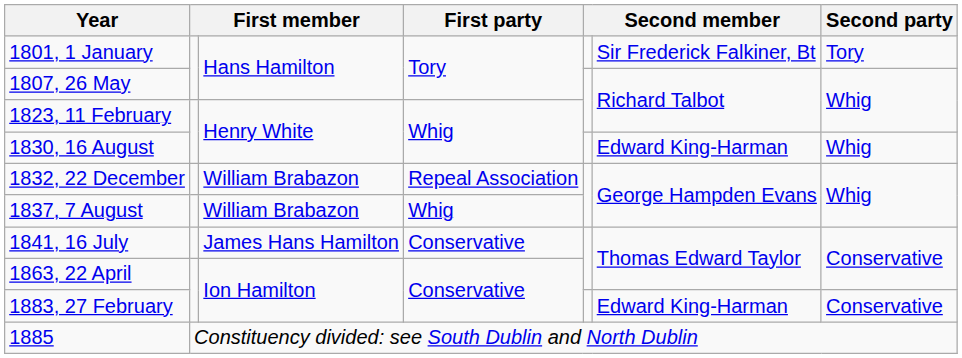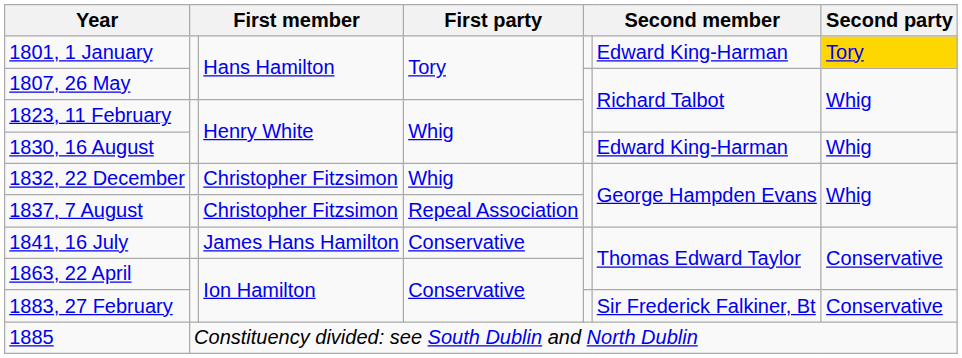 <table class="wikitable">
 <tr>
 <th>Year</th>
 <th colspan="2">First member</th>
 <th>First party</th>
 <th colspan="2">Second member</th>
 <th>Second party</th>
 </tr>
 <tr>
 <td><a href='#'>1801, 1 January</a></td>
 <td rowspan="2" style="color:inherit;background-color: "></td>
 <td rowspan="2"><a href='#'>Hans Hamilton</a>    </td>
 <td rowspan="2"><a href='#'>Tory</a></td>
 <td style="color:inherit;background-color: "></td>
-<td><a href='#'>Sir Frederick Falkiner, Bt</a>    </td>
-<td><a href='#'>Tory</a></td>
+<td><a href='#'>Edward King-Harman</a>    </td>
+<td style="background: gold;"><a href='#'>Tory</a></td>
 </tr>
 <tr>
 <td><a href='#'>1807, 26 May</a></td>
 <td rowspan="2" style="color:inherit;background-color: "></td>
 <td rowspan="2"><a href='#'>Richard Talbot</a>    </td>
 <td rowspan="2"><a href='#'>Whig</a></td>
 </tr>
 <tr>
 <td><a href='#'>1823, 11 February</a></td>
 <td rowspan="2" style="color:inherit;background-color: "></td>
 <td rowspan="2"><a href='#'>Henry White</a>    </td>
 <td rowspan="2"><a href='#'>Whig</a></td>
 </tr>
 <tr>
 <td><a href='#'>1830, 16 August</a></td>
 <td style="color:inherit;background-color: "></td>
 <td><a href='#'>Edward King-Harman</a>    </td>
 <td><a href='#'>Whig</a></td>
 </tr>
 <tr>
 <td><a href='#'>1832, 22 December</a></td>
 <td style="color:inherit;background-color: "></td>
-<td><a href='#'>William Brabazon</a>   </td>
-<td><a href='#'>Repeal Association</a></td>
+<td><a href='#'>Christopher Fitzsimon</a>    </td>
+<td><a href='#'>Whig</a></td>
 <td rowspan="2" style="color:inherit;background-color: "></td>
 <td rowspan="2"><a href='#'>George Hampden Evans</a></td>
 <td rowspan="2"><a href='#'>Whig</a></td>
 </tr>
 <tr>
 <td><a href='#'>1837, 7 August</a></td>
 <td style="color:inherit;background-color: "></td>
-<td><a href='#'>William Brabazon</a>   </td>
-<td><a href='#'>Whig</a></td>
+<td><a href='#'>Christopher Fitzsimon</a>    </td>
+<td><a href='#'>Repeal Association</a></td>
 </tr>
 <tr>
 <td><a href='#'>1841, 16 July</a></td>
 <td style="color:inherit;background-color: "></td>
 <td><a href='#'>James Hans Hamilton</a>    </td>
 <td><a href='#'>Conservative</a></td>
 <td rowspan="2" style="color:inherit;background-color: "></td>
 <td rowspan="2"><a href='#'>Thomas Edward Taylor</a>    </td>
 <td rowspan="2"><a href='#'>Conservative</a></td>
 </tr>
 <tr>
 <td><a href='#'>1863, 22 April</a></td>
 <td rowspan="2" style="color:inherit;background-color: "></td>
 <td rowspan="2"><a href='#'>Ion Hamilton</a>    </td>
 <td rowspan="2"><a href='#'>Conservative</a></td>
 </tr>
 <tr>
 <td><a href='#'>1883, 27 February</a></td>
 <td style="color:inherit;background-color: "></td>
-<td><a href='#'>Edward King-Harman</a>    </td>
+<td><a href='#'>Sir Frederick Falkiner, Bt</a>    </td>
 <td><a href='#'>Conservative</a></td>
 </tr>
 <tr>
 <td><a href='#'>1885</a></td>
 <td colspan="6"><em>Constituency divided: see <a href='#'>South Dublin</a> and <a href='#'>North Dublin</a></em></td>
 </tr>
 </table>
